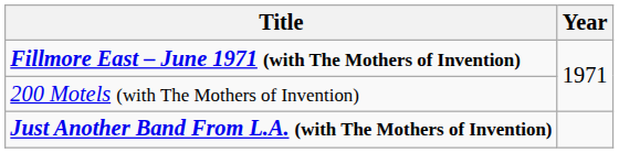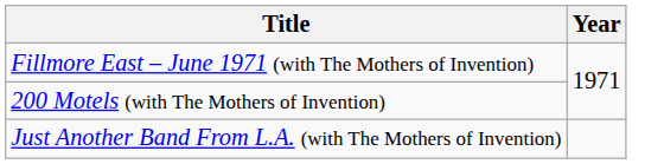 <table class="wikitable">
 <tr>
 <th>Title</th>
 <th>Year</th>
 </tr>
 <tr>
-<td><strong><em><a href='#'>Fillmore East – June 1971</a></em> <small>(with The Mothers of Invention)</small></strong></td>
+<td><em><a href='#'>Fillmore East – June 1971</a></em> <small>(with The Mothers of Invention)</small></td>
 <td rowspan="2">1971</td>
 </tr>
 <tr>
 <td><em><a href='#'>200 Motels</a></em> <small>(with The Mothers of Invention)</small></td>
 </tr>
 <tr>
-<td><strong><em><a href='#'>Just Another Band From L.A.</a></em> <small>(with The Mothers of Invention)</small></strong></td>
+<td><em><a href='#'>Just Another Band From L.A.</a></em> <small>(with The Mothers of Invention)</small></td>
 </tr>
 </table>
